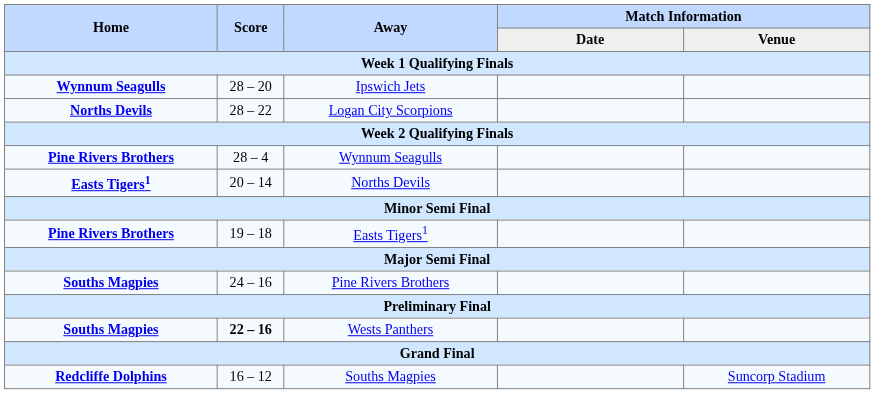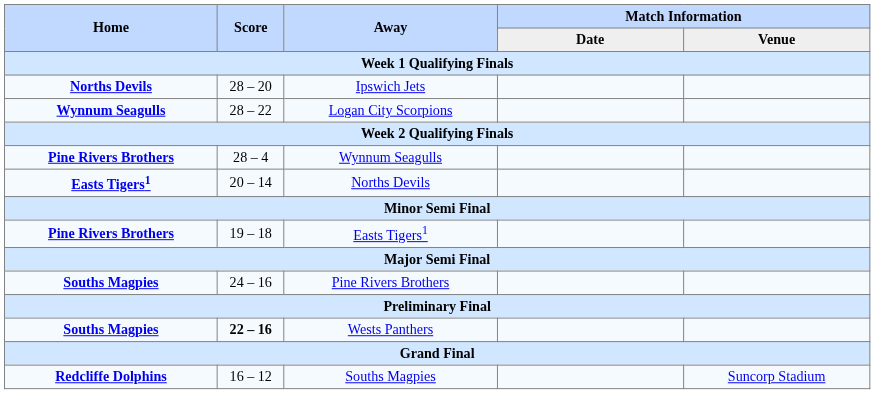 <table border="1" style="border-collapse:collapse; font-size:90%; text-align:center;" cellpadding="3" cellspacing="0">
 <tr bgcolor="#C1D8FF">
 <th rowspan="2" width="16%">Home</th>
 <th rowspan="2" width="5%">Score</th>
 <th rowspan="2" width="16%">Away</th>
 <th colspan="4">Match Information</th>
 </tr>
 <tr bgcolor="#EFEFEF">
 <th width="14%">Date</th>
 <th width="14%">Venue</th>
 </tr>
 <tr bgcolor="#D0E7FF">
 <td colspan="5"><strong>Week 1 Qualifying Finals</strong></td>
 </tr>
 <tr bgcolor="#F5FAFF">
-<td><strong> <a href='#'>Wynnum Seagulls</a></strong></td>
+<td><strong> <a href='#'>Norths Devils</a></strong></td>
 <td>28 – 20</td>
 <td> <a href='#'>Ipswich Jets</a></td>
 <td></td>
 <td></td>
 </tr>
 <tr bgcolor="#F5FAFF">
-<td><strong> <a href='#'>Norths Devils</a></strong></td>
+<td><strong> <a href='#'>Wynnum Seagulls</a></strong></td>
 <td>28 – 22</td>
 <td> <a href='#'>Logan City Scorpions</a></td>
 <td></td>
 <td></td>
 </tr>
 <tr bgcolor="#D0E7FF">
 <td colspan="5"><strong>Week 2 Qualifying Finals</strong></td>
 </tr>
 <tr bgcolor="#F5FAFF">
 <td><strong> <a href='#'>Pine Rivers Brothers</a></strong></td>
 <td>28 – 4</td>
 <td> <a href='#'>Wynnum Seagulls</a></td>
 <td></td>
 <td></td>
 </tr>
 <tr bgcolor="#F5FAFF">
 <td><strong> <a href='#'>Easts Tigers</a><a href='#'><sup>1</sup></a></strong></td>
 <td>20 – 14</td>
 <td> <a href='#'>Norths Devils</a></td>
 <td></td>
 <td></td>
 </tr>
 <tr bgcolor="#D0E7FF">
 <td colspan="5"><strong>Minor Semi Final</strong></td>
 </tr>
 <tr bgcolor="#F5FAFF">
 <td><strong> <a href='#'>Pine Rivers Brothers</a></strong></td>
 <td>19 – 18</td>
 <td> <a href='#'>Easts Tigers</a><a href='#'><sup>1</sup></a></td>
 <td></td>
 <td></td>
 </tr>
 <tr bgcolor="#D0E7FF">
 <td colspan="5"><strong>Major Semi Final</strong></td>
 </tr>
 <tr bgcolor="#F5FAFF">
 <td><strong> <a href='#'>Souths Magpies</a></strong></td>
 <td>24 – 16</td>
 <td> <a href='#'>Pine Rivers Brothers</a></td>
 <td></td>
 <td></td>
 </tr>
 <tr bgcolor="#D0E7FF">
 <td colspan="5"><strong>Preliminary Final</strong></td>
 </tr>
 <tr bgcolor="#F5FAFF">
 <td><strong> <a href='#'>Souths Magpies</a></strong></td>
 <td><strong>22 – 16</strong></td>
 <td> <a href='#'>Wests Panthers</a></td>
 <td></td>
 <td></td>
 </tr>
 <tr bgcolor="#D0E7FF">
 <td colspan="5"><strong>Grand Final</strong></td>
 </tr>
 <tr bgcolor="#F5FAFF">
 <td><strong> <a href='#'>Redcliffe Dolphins</a></strong></td>
 <td>16 – 12</td>
 <td> <a href='#'>Souths Magpies</a></td>
 <td></td>
 <td><a href='#'>Suncorp Stadium</a></td>
 </tr>
 </table>
